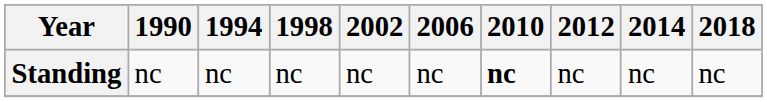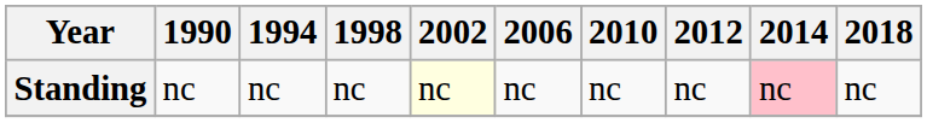 <table class="wikitable">
 <tr>
 <th>Year</th>
 <th>1990</th>
 <th>1994</th>
 <th>1998</th>
 <th>2002</th>
 <th>2006</th>
 <th>2010</th>
 <th>2012</th>
 <th>2014</th>
 <th>2018</th>
 </tr>
 <tr>
 <th>Standing</th>
 <td>nc</td>
 <td>nc</td>
 <td>nc</td>
+<td style="background: lightyellow;">nc</td>
 <td>nc</td>
 <td>nc</td>
-<td><strong>nc</strong></td>
 <td>nc</td>
-<td>nc</td>
+<td style="background: pink;">nc</td>
 <td>nc</td>
 </tr>
 <tr>
 </tr>
 </table>
